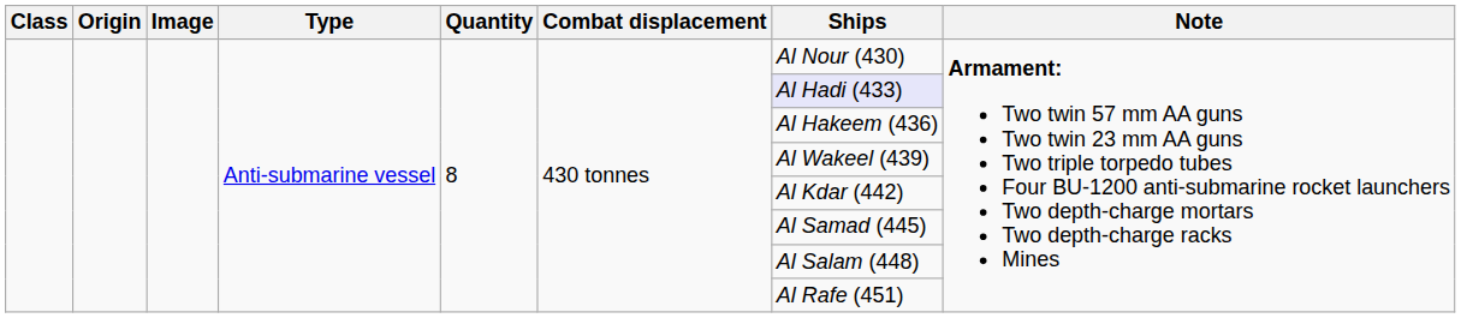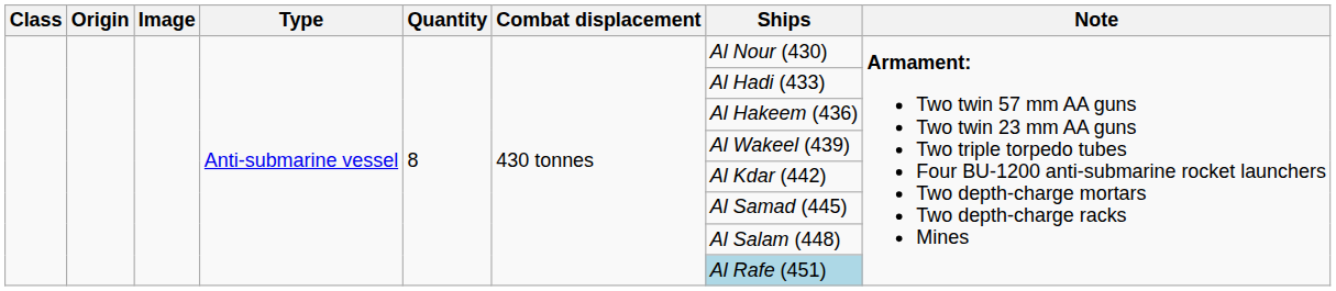 <table class="wikitable">
 <tr>
 <th>Class</th>
 <th>Origin</th>
 <th>Image</th>
 <th>Type</th>
 <th>Quantity</th>
 <th>Combat displacement</th>
 <th>Ships</th>
 <th>Note</th>
 </tr>
 <tr>
 <td rowspan="8"></td>
 <td rowspan="8"></td>
 <td rowspan="8"></td>
 <td rowspan="8"><a href='#'>Anti-submarine vessel</a></td>
 <td rowspan="8">8</td>
 <td rowspan="8">430 tonnes</td>
 <td><em>Al Nour</em> (430)</td>
 <td rowspan="8"><strong>Armament:</strong><br><ul><li>Two twin 57 mm AA guns</li><li>Two twin 23 mm AA guns</li><li>Two triple  torpedo tubes</li><li>Four BU-1200 anti-submarine rocket launchers</li><li>Two depth-charge mortars</li><li>Two depth-charge racks</li><li>Mines</li></ul></td>
 </tr>
 <tr>
-<td style="background: lavender;"><em>Al Hadi</em> (433)</td>
+<td><em>Al Hadi</em> (433)</td>
 </tr>
 <tr>
 <td><em>Al Hakeem</em> (436)</td>
 </tr>
 <tr>
 <td><em>Al Wakeel</em> (439)</td>
 </tr>
 <tr>
 <td><em>Al Kdar</em> (442)</td>
 </tr>
 <tr>
 <td><em>Al Samad</em> (445)</td>
 </tr>
 <tr>
 <td><em>Al Salam</em> (448)</td>
 </tr>
 <tr>
-<td><em>Al Rafe</em> (451)</td>
+<td style="background: lightblue;"><em>Al Rafe</em> (451)</td>
 </tr>
 </table>
